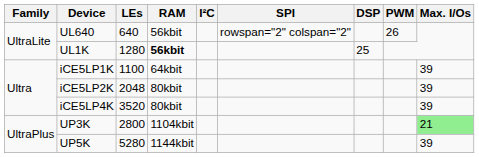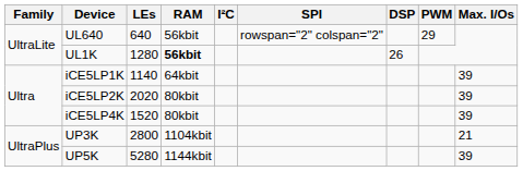 <table class="wikitable floatright">
 <tr>
 <th>Family</th>
 <th>Device</th>
 <th>LEs</th>
 <th>RAM</th>
 <th>I²C</th>
 <th>SPI</th>
 <th>DSP</th>
 <th>PWM</th>
 <th>Max. I/Os</th>
 </tr>
 <tr>
 <td rowspan="2">UltraLite</td>
 <td>UL640</td>
 <td> 640</td>
 <td> 56kbit</td>
 <td></td>
 <td>rowspan="2" colspan="2" </td>
 <td></td>
-<td> 26</td>
+<td> 29</td>
 </tr>
 <tr>
 <td>UL1K</td>
 <td> 1280</td>
 <td><strong> 56kbit</strong></td>
 <td></td>
 <td></td>
-<td> 25</td>
+<td> 26</td>
 </tr>
 <tr>
 <td rowspan="3">Ultra</td>
 <td>iCE5LP1K</td>
-<td> 1100</td>
+<td> 1140</td>
 <td> 64kbit</td>
 <td></td>
 <td></td>
 <td></td>
 <td></td>
 <td> 39</td>
 </tr>
 <tr>
 <td>iCE5LP2K</td>
-<td> 2048</td>
+<td> 2020</td>
 <td> 80kbit</td>
 <td></td>
 <td></td>
 <td></td>
 <td></td>
 <td> 39</td>
 </tr>
 <tr>
 <td>iCE5LP4K</td>
-<td> 3520</td>
+<td> 1520</td>
 <td> 80kbit</td>
 <td></td>
 <td></td>
 <td></td>
 <td></td>
 <td> 39</td>
 </tr>
 <tr>
 <td rowspan="2">UltraPlus</td>
 <td>UP3K</td>
 <td> 2800</td>
 <td> 1104kbit</td>
 <td></td>
 <td></td>
 <td></td>
 <td></td>
-<td style="background: lightgreen;"> 21</td>
+<td> 21</td>
 </tr>
 <tr>
 <td>UP5K</td>
 <td> 5280</td>
 <td> 1144kbit</td>
 <td></td>
 <td></td>
 <td></td>
 <td></td>
 <td> 39</td>
 </tr>
 </table>
